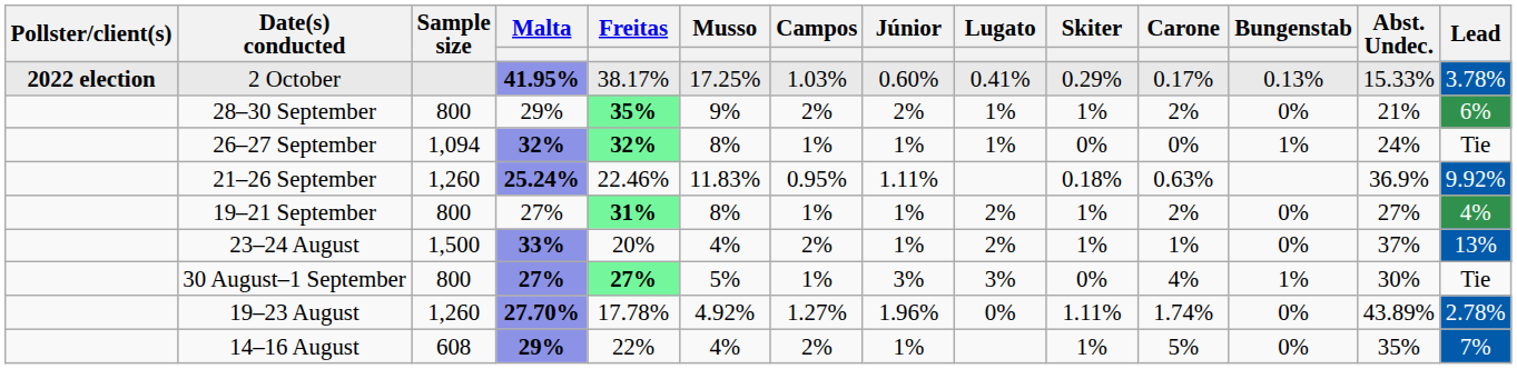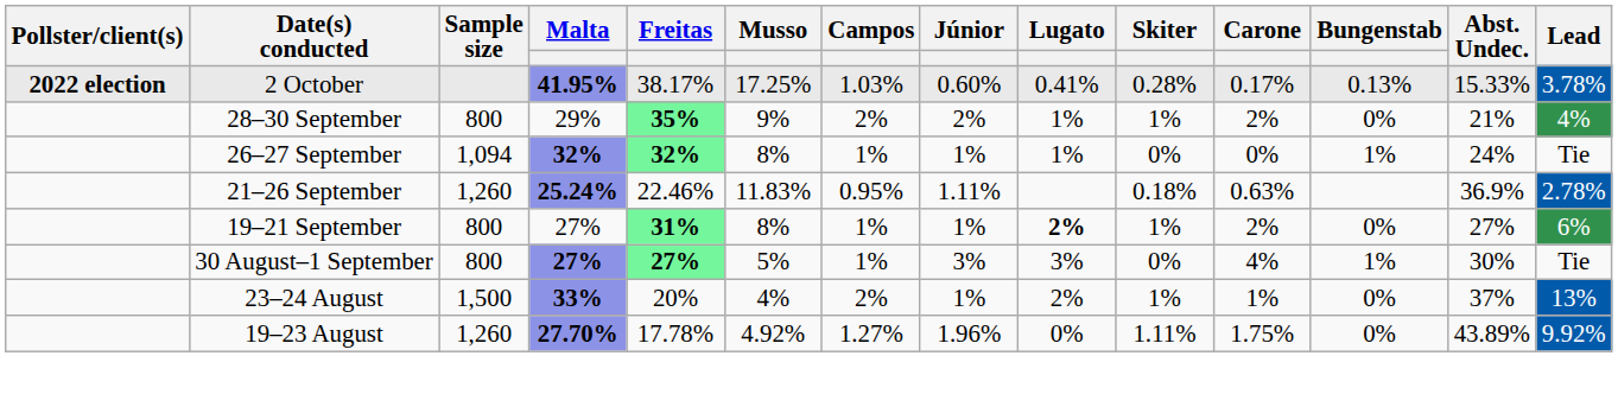 <table class="wikitable sortable" style="text-align:center;font-size:90%;line-height:14px;">
 <tr>
 <th rowspan="2">Pollster/client(s)</th>
 <th rowspan="2">Date(s)<br>conducted</th>
 <th rowspan="2" data-sort-type="number">Sample<br>size</th>
 <th class="unsortable" style="width:50px;"><a href='#'>Malta</a><br></th>
 <th class="unsortable" style="width:50px;"><a href='#'>Freitas</a><br></th>
 <th class="unsortable" style="width:50px;">Musso<br></th>
 <th class="unsortable" style="width:50px;">Campos<br></th>
 <th class="unsortable" style="width:50px;">Júnior<br></th>
 <th class="unsortable" style="width:50px;">Lugato<br></th>
 <th class="unsortable" style="width:50px;">Skiter<br></th>
 <th class="unsortable" style="width:50px;">Carone<br></th>
 <th class="unsortable" style="width:50px;">Bungenstab<br></th>
 <th rowspan="2" class="unsortable">Abst.<br>Undec.</th>
 <th rowspan="2" data-sort-type="number">Lead</th>
 </tr>
 <tr>
 <th data-sort-type="number" class="sortable" style="background:"></th>
 <th data-sort-type="number" class="sortable" style="background:"></th>
 <th data-sort-type="number" class="sortable" style="background:"></th>
 <th data-sort-type="number" class="sortable" style="background:"></th>
 <th data-sort-type="number" class="sortable" style="background:"></th>
 <th data-sort-type="number" class="sortable" style="background:"></th>
 <th data-sort-type="number" class="sortable" style="background:"></th>
 <th data-sort-type="number" class="sortable" style="background:"></th>
 <th data-sort-type="number" class="sortable" style="background:"></th>
 </tr>
 <tr style="background:#E9E9E9;">
 <td><strong>2022 election</strong></td>
 <td>2 October</td>
 <td></td>
 <td style="background:#8C92E6;"><strong>41.95%</strong></td>
 <td>38.17%</td>
 <td>17.25%</td>
 <td>1.03%</td>
 <td>0.60%</td>
 <td>0.41%</td>
-<td>0.29%</td>
+<td>0.28%</td>
 <td>0.17%</td>
 <td>0.13%</td>
 <td>15.33%</td>
 <td style="background:#015AAA; color:white">3.78%</td>
 </tr>
 <tr>
 <td></td>
 <td>28–30 September</td>
 <td>800</td>
 <td>29%</td>
 <td style="background:#74F79C;"><strong>35%</strong></td>
 <td>9%</td>
 <td>2%</td>
 <td>2%</td>
 <td>1%</td>
 <td>1%</td>
 <td>2%</td>
 <td>0%</td>
 <td>21%</td>
-<td style="background:#30914D; color:white">6%</td>
+<td style="background:#30914D; color:white">4%</td>
 </tr>
 <tr>
 <td></td>
 <td>26–27 September</td>
 <td>1,094</td>
 <td style="background:#8C92E6;"><strong>32%</strong></td>
 <td style="background:#74F79C;"><strong>32%</strong></td>
 <td>8%</td>
 <td>1%</td>
 <td>1%</td>
 <td>1%</td>
 <td>0%</td>
 <td>0%</td>
 <td>1%</td>
 <td>24%</td>
 <td>Tie</td>
 </tr>
 <tr>
 <td></td>
 <td>21–26 September</td>
 <td>1,260</td>
 <td style="background:#8C92E6;"><strong>25.24%</strong></td>
 <td>22.46%</td>
 <td>11.83%</td>
 <td>0.95%</td>
 <td>1.11%</td>
 <td></td>
 <td>0.18%</td>
 <td>0.63%</td>
 <td></td>
 <td>36.9%</td>
-<td style="background:#015AAA; color:white">9.92%</td>
+<td style="background:#015AAA; color:white">2.78%</td>
 </tr>
 <tr>
 <td></td>
 <td>19–21 September</td>
 <td>800</td>
 <td>27%</td>
 <td style="background:#74F79C;"><strong>31%</strong></td>
 <td>8%</td>
 <td>1%</td>
 <td>1%</td>
-<td>2%</td>
+<td><strong>2%</strong></td>
 <td>1%</td>
 <td>2%</td>
 <td>0%</td>
 <td>27%</td>
-<td style="background:#30914D; color:white">4%</td>
+<td style="background:#30914D; color:white">6%</td>
+</tr>
+<tr>
+<td></td>
+<td>30 August–1 September</td>
+<td>800</td>
+<td style="background:#8C92E6;"><strong>27%</strong></td>
+<td style="background:#74F79C;"><strong>27%</strong></td>
+<td>5%</td>
+<td>1%</td>
+<td>3%</td>
+<td>3%</td>
+<td>0%</td>
+<td>4%</td>
+<td>1%</td>
+<td>30%</td>
+<td>Tie</td>
 </tr>
 <tr>
 <td></td>
 <td>23–24 August</td>
 <td>1,500</td>
 <td style="background:#8C92E6;"><strong>33%</strong></td>
 <td>20%</td>
 <td>4%</td>
 <td>2%</td>
 <td>1%</td>
 <td>2%</td>
 <td>1%</td>
 <td>1%</td>
 <td>0%</td>
 <td>37%</td>
 <td style="background:#015AAA; color:white">13%</td>
 </tr>
 <tr>
 <td></td>
-<td>30 August–1 September</td>
-<td>800</td>
-<td style="background:#8C92E6;"><strong>27%</strong></td>
-<td style="background:#74F79C;"><strong>27%</strong></td>
-<td>5%</td>
-<td>1%</td>
-<td>3%</td>
-<td>3%</td>
-<td>0%</td>
-<td>4%</td>
-<td>1%</td>
-<td>30%</td>
-<td>Tie</td>
-</tr>
-<tr>
-<td></td>
 <td>19–23 August</td>
 <td>1,260</td>
 <td style="background:#8C92E6;"><strong>27.70%</strong></td>
 <td>17.78%</td>
 <td>4.92%</td>
 <td>1.27%</td>
 <td>1.96%</td>
 <td>0%</td>
 <td>1.11%</td>
-<td>1.74%</td>
+<td>1.75%</td>
 <td>0%</td>
 <td>43.89%</td>
-<td style="background:#015AAA; color:white">2.78%</td>
-</tr>
-<tr>
-<td></td>
-<td>14–16 August</td>
-<td>608</td>
-<td style="background:#8C92E6;"><strong>29%</strong></td>
-<td>22%</td>
-<td>4%</td>
-<td>2%</td>
-<td>1%</td>
-<td></td>
-<td>1%</td>
-<td>5%</td>
-<td>0%</td>
-<td>35%</td>
-<td style="background:#015AAA; color:white">7%</td>
+<td style="background:#015AAA; color:white">9.92%</td>
 </tr>
 </table>
